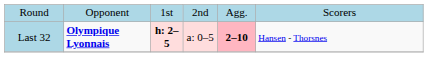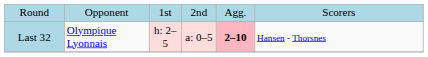 <table class="wikitable" style="text-align:center">
 <tr bgcolor=lightblue>
 <td width=150px>Round</td>
 <td width=200px>Opponent</td>
 <td width=80px>1st</td>
 <td width=80px>2nd</td>
 <td width=80px>Agg.</td>
 <td width=600px>Scorers</td>
 </tr>
 <tr>
 <td bgcolor=lightblue>Last 32</td>
-<td align=left><strong> <a href='#'>Olympique Lyonnais</a></strong></td>
-<td bgcolor="#ffdddd"><strong>h: 2–5</strong></td>
+<td align=left> <a href='#'>Olympique Lyonnais</a></td>
+<td bgcolor="#ffdddd">h: 2–5</td>
 <td bgcolor="#ffdddd">a: 0–5</td>
 <td bgcolor=lightpink><strong>2–10</strong></td>
 <td align=left><small><a href='#'>Hansen</a> - <a href='#'>Thorsnes</a></small></td>
 </tr>
 <tr>
 </tr>
 </table>
